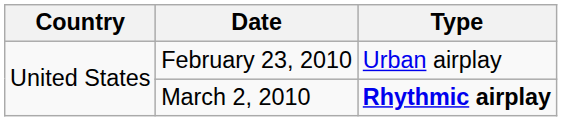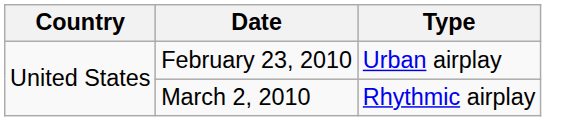 <table class="wikitable">
 <tr>
 <th>Country</th>
 <th>Date</th>
 <th>Type</th>
 </tr>
 <tr>
 <td rowspan="2">United States</td>
 <td>February 23, 2010</td>
 <td><a href='#'>Urban</a> airplay</td>
 </tr>
 <tr>
 <td>March 2, 2010</td>
-<td><strong><a href='#'>Rhythmic</a> airplay</strong></td>
+<td><a href='#'>Rhythmic</a> airplay</td>
 </tr>
 </table>
